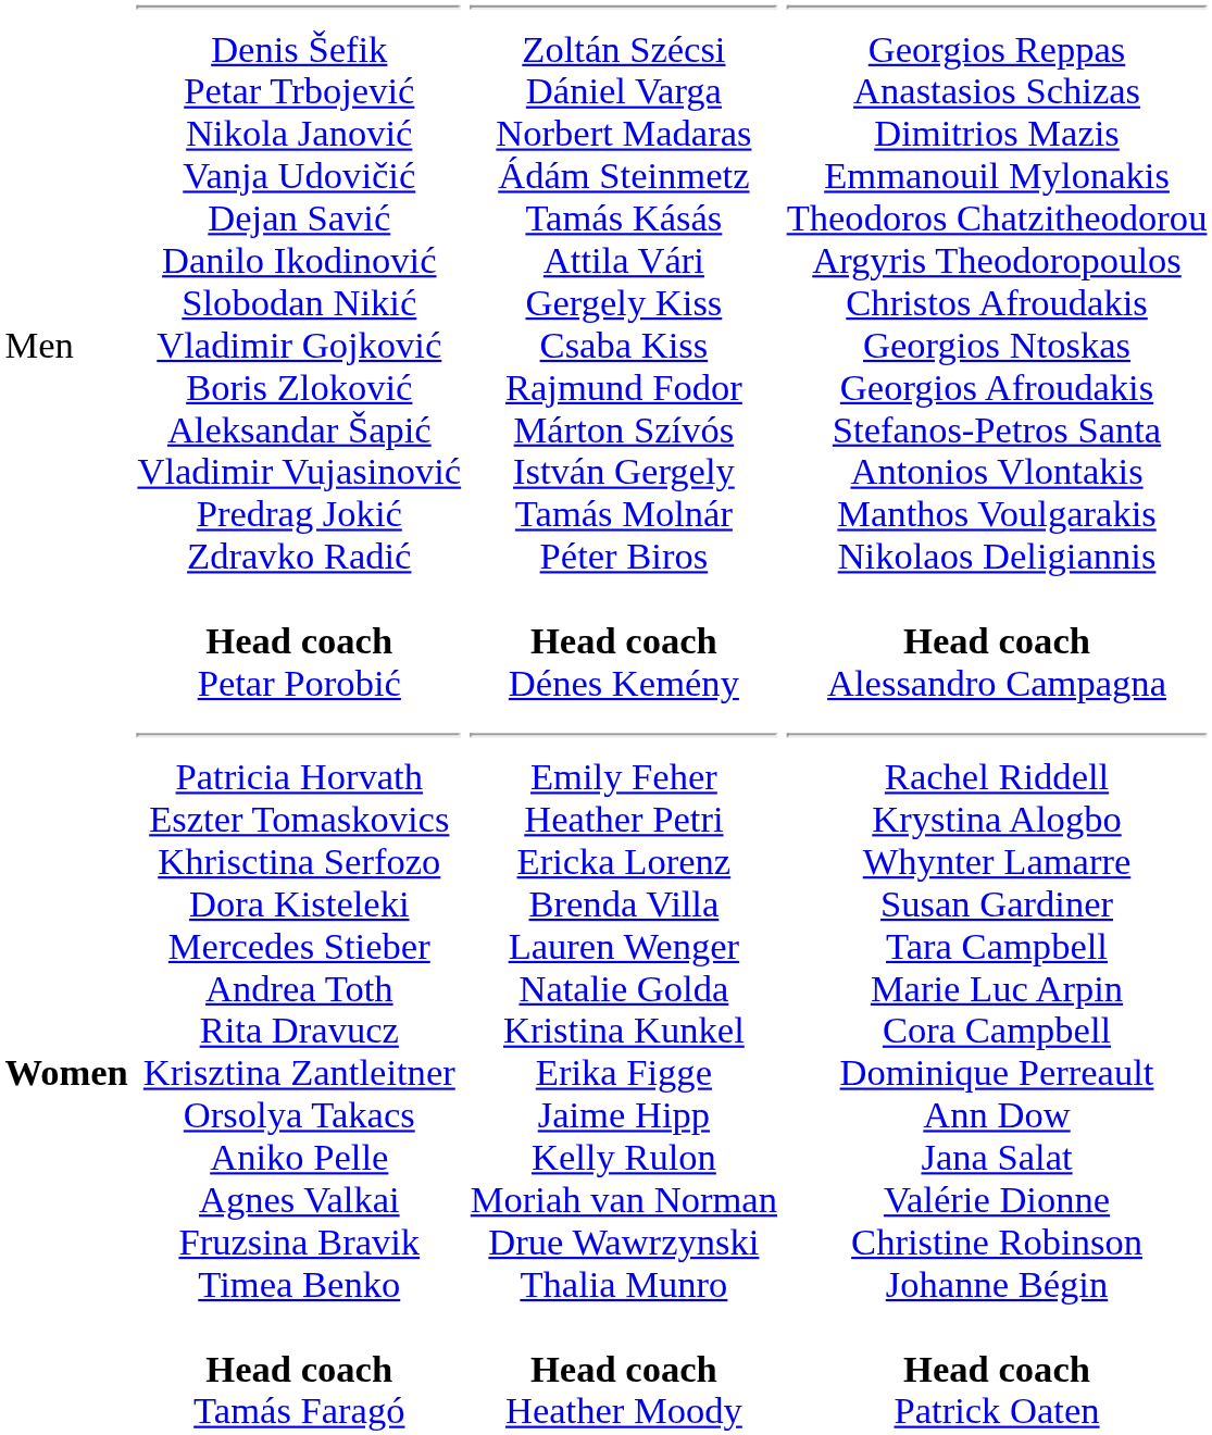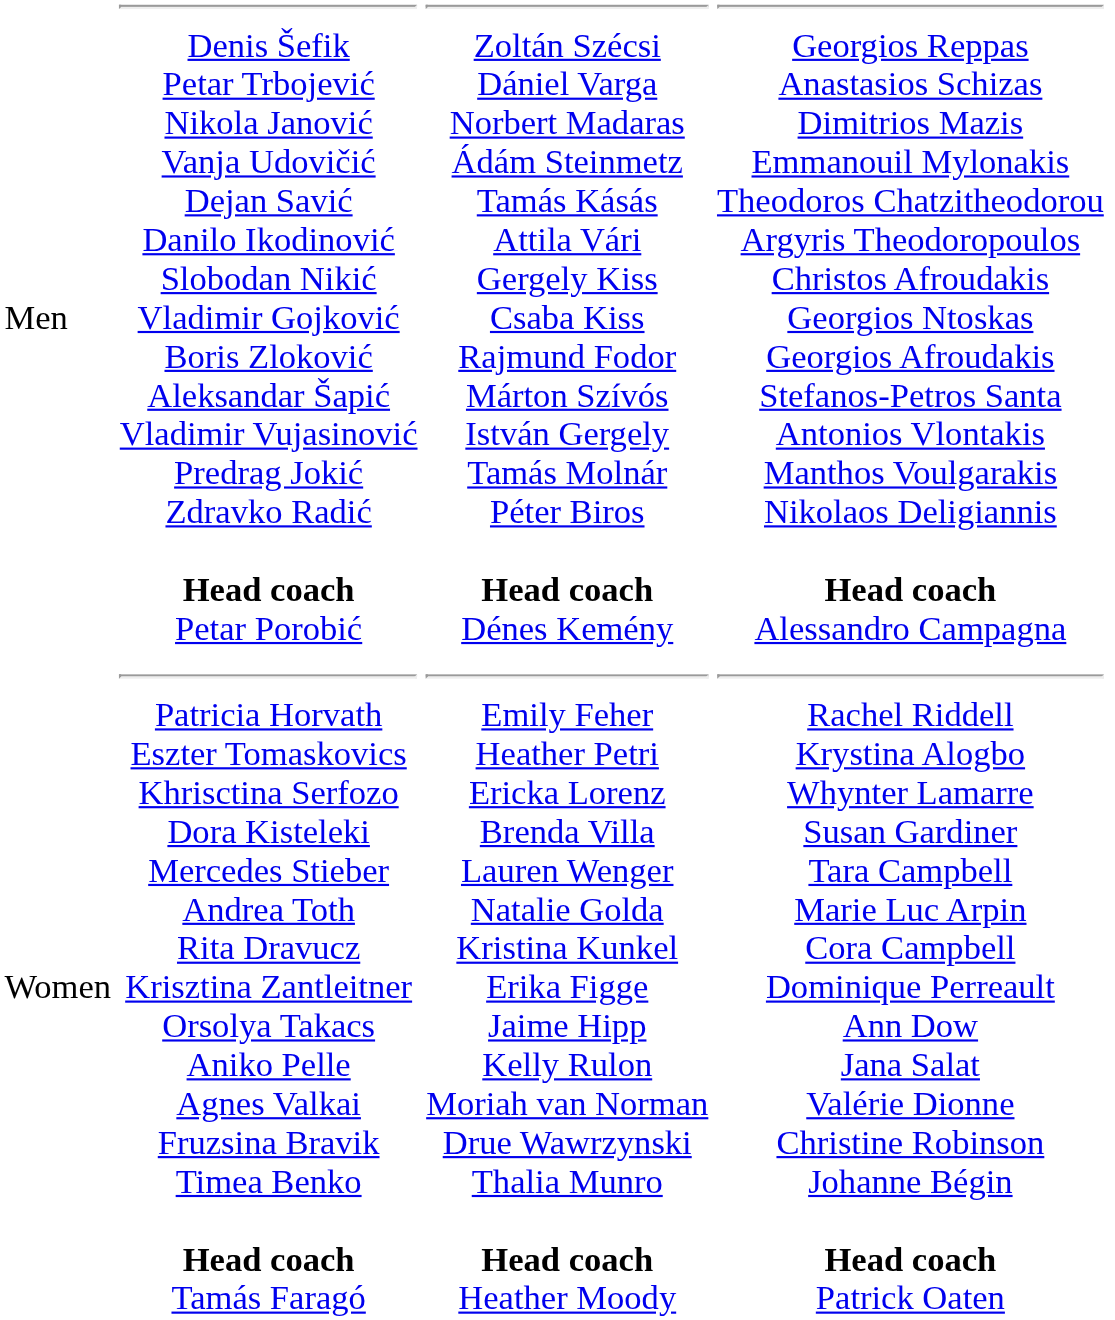 <table>
 <tr>
 <td>Men<br></td>
 <td style="text-align:center; vertical-align:top;"><strong></strong> <hr> <a href='#'>Denis Šefik</a> <br> <a href='#'>Petar Trbojević</a><br> <a href='#'>Nikola Janović</a><br> <a href='#'>Vanja Udovičić</a><br> <a href='#'>Dejan Savić</a><br><a href='#'>Danilo Ikodinović</a><br> <a href='#'>Slobodan Nikić</a><br> <a href='#'>Vladimir Gojković</a><br> <a href='#'>Boris Zloković</a><br> <a href='#'>Aleksandar Šapić</a><br> <a href='#'>Vladimir Vujasinović</a><br> <a href='#'>Predrag Jokić</a><br> <a href='#'>Zdravko Radić</a> <br><br><strong>Head coach</strong><br><a href='#'>Petar Porobić</a></td>
 <td style="text-align:center; vertical-align:top;"><strong></strong><hr><a href='#'>Zoltán Szécsi</a><br><a href='#'>Dániel Varga</a><br><a href='#'>Norbert Madaras</a><br><a href='#'>Ádám Steinmetz</a><br><a href='#'>Tamás Kásás</a><br><a href='#'>Attila Vári</a><br><a href='#'>Gergely Kiss</a><br><a href='#'>Csaba Kiss</a><br><a href='#'>Rajmund Fodor</a><br><a href='#'>Márton Szívós</a><br><a href='#'>István Gergely</a><br><a href='#'>Tamás Molnár</a><br><a href='#'>Péter Biros</a><br><br><strong>Head coach</strong><br><a href='#'>Dénes Kemény</a></td>
 <td style="text-align:center; vertical-align:top;"><strong></strong><hr><a href='#'>Georgios Reppas</a><br><a href='#'>Anastasios Schizas</a><br><a href='#'>Dimitrios Mazis</a><br><a href='#'>Emmanouil Mylonakis</a><br><a href='#'>Theodoros Chatzitheodorou</a><br><a href='#'>Argyris Theodoropoulos</a><br><a href='#'>Christos Afroudakis</a><br><a href='#'>Georgios Ntoskas</a><br><a href='#'>Georgios Afroudakis</a><br><a href='#'>Stefanos-Petros Santa</a><br><a href='#'>Antonios Vlontakis</a><br><a href='#'>Manthos Voulgarakis</a><br><a href='#'>Nikolaos Deligiannis</a><br><br><strong>Head coach</strong><br><a href='#'>Alessandro Campagna</a></td>
 </tr>
 <tr>
-<td><strong>Women<br></strong></td>
+<td>Women<br></td>
 <td style="text-align:center; vertical-align:top;"><strong></strong> <hr><a href='#'>Patricia Horvath</a><br><a href='#'>Eszter Tomaskovics</a><br><a href='#'>Khrisctina Serfozo</a><br><a href='#'>Dora Kisteleki</a><br><a href='#'>Mercedes Stieber</a><br><a href='#'>Andrea Toth</a><br><a href='#'>Rita Dravucz</a><br><a href='#'>Krisztina Zantleitner</a><br><a href='#'>Orsolya Takacs</a><br><a href='#'>Aniko Pelle</a><br><a href='#'>Agnes Valkai</a><br><a href='#'>Fruzsina Bravik</a><br><a href='#'>Timea Benko</a><br><br><strong>Head coach</strong><br><a href='#'>Tamás Faragó</a></td>
 <td style="text-align:center; vertical-align:top;"><strong></strong><hr><a href='#'>Emily Feher</a><br><a href='#'>Heather Petri</a><br><a href='#'>Ericka Lorenz</a><br><a href='#'>Brenda Villa</a><br><a href='#'>Lauren Wenger</a><br><a href='#'>Natalie Golda</a><br><a href='#'>Kristina Kunkel</a><br><a href='#'>Erika Figge</a><br><a href='#'>Jaime Hipp</a><br><a href='#'>Kelly Rulon</a><br><a href='#'>Moriah van Norman</a><br><a href='#'>Drue Wawrzynski</a><br><a href='#'>Thalia Munro</a><br><br><strong>Head coach</strong><br><a href='#'>Heather Moody</a></td>
 <td style="text-align:center; vertical-align:top;"><strong></strong><hr><a href='#'>Rachel Riddell</a><br><a href='#'>Krystina Alogbo</a><br><a href='#'>Whynter Lamarre</a><br><a href='#'>Susan Gardiner</a><br><a href='#'>Tara Campbell</a><br><a href='#'>Marie Luc Arpin</a><br><a href='#'>Cora Campbell</a><br><a href='#'>Dominique Perreault</a><br><a href='#'>Ann Dow</a><br><a href='#'>Jana Salat</a><br><a href='#'>Valérie Dionne</a><br><a href='#'>Christine Robinson</a><br><a href='#'>Johanne Bégin</a><br><br><strong>Head coach</strong><br><a href='#'>Patrick Oaten</a></td>
 </tr>
 </table>
